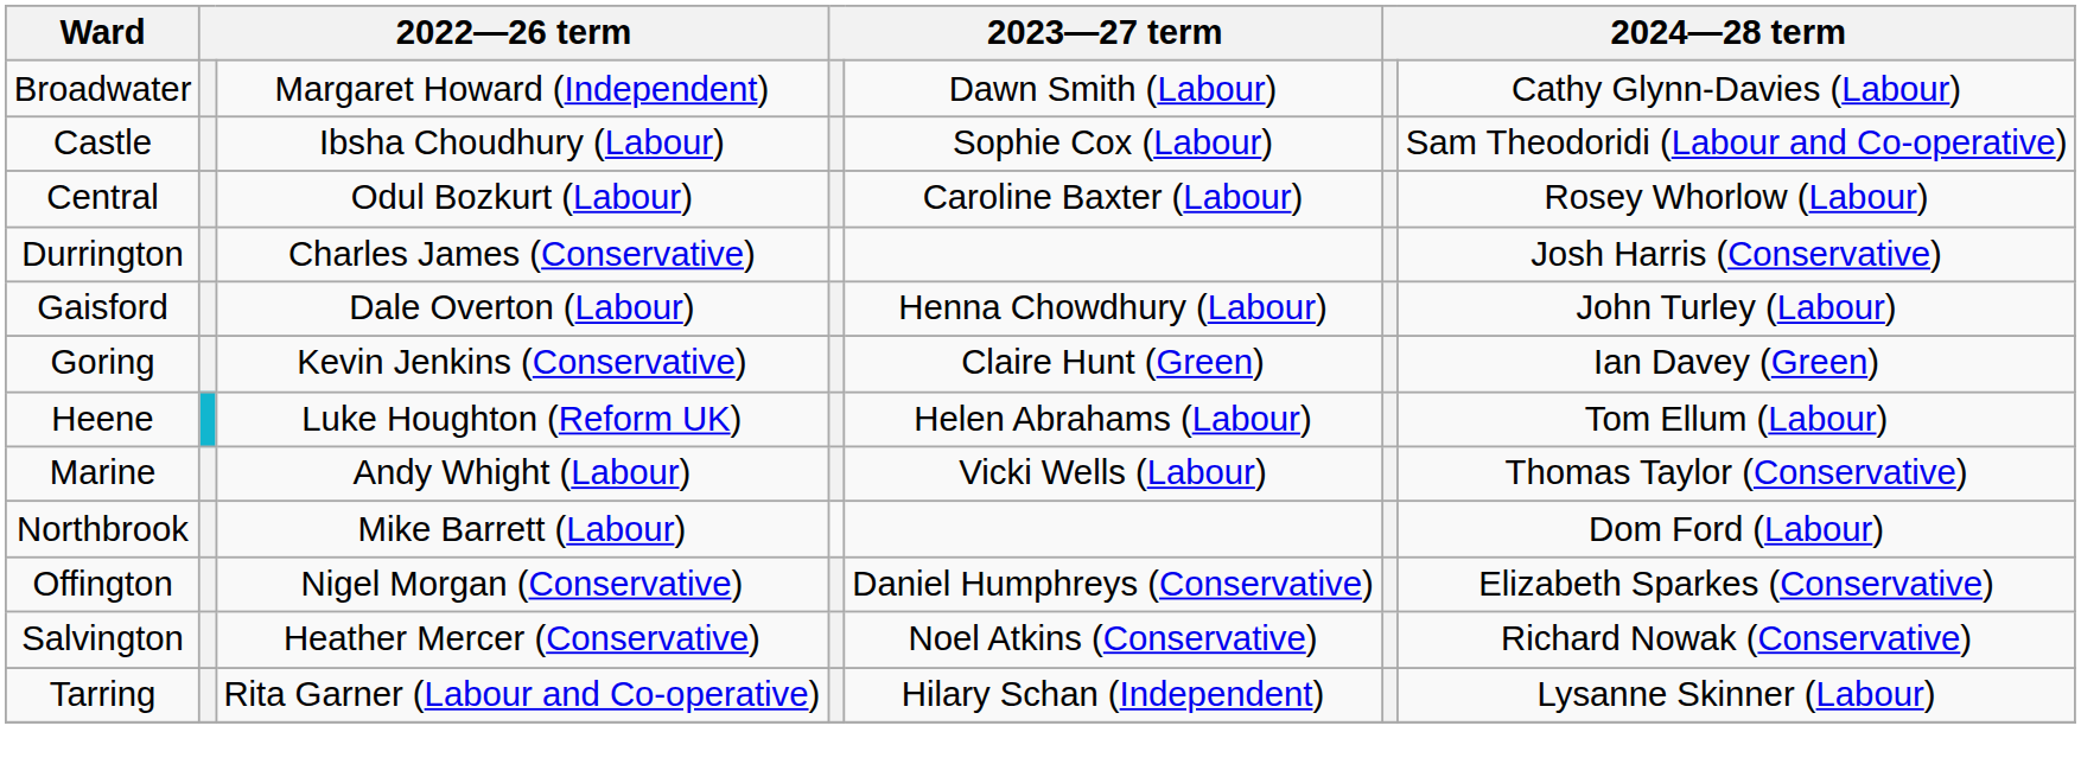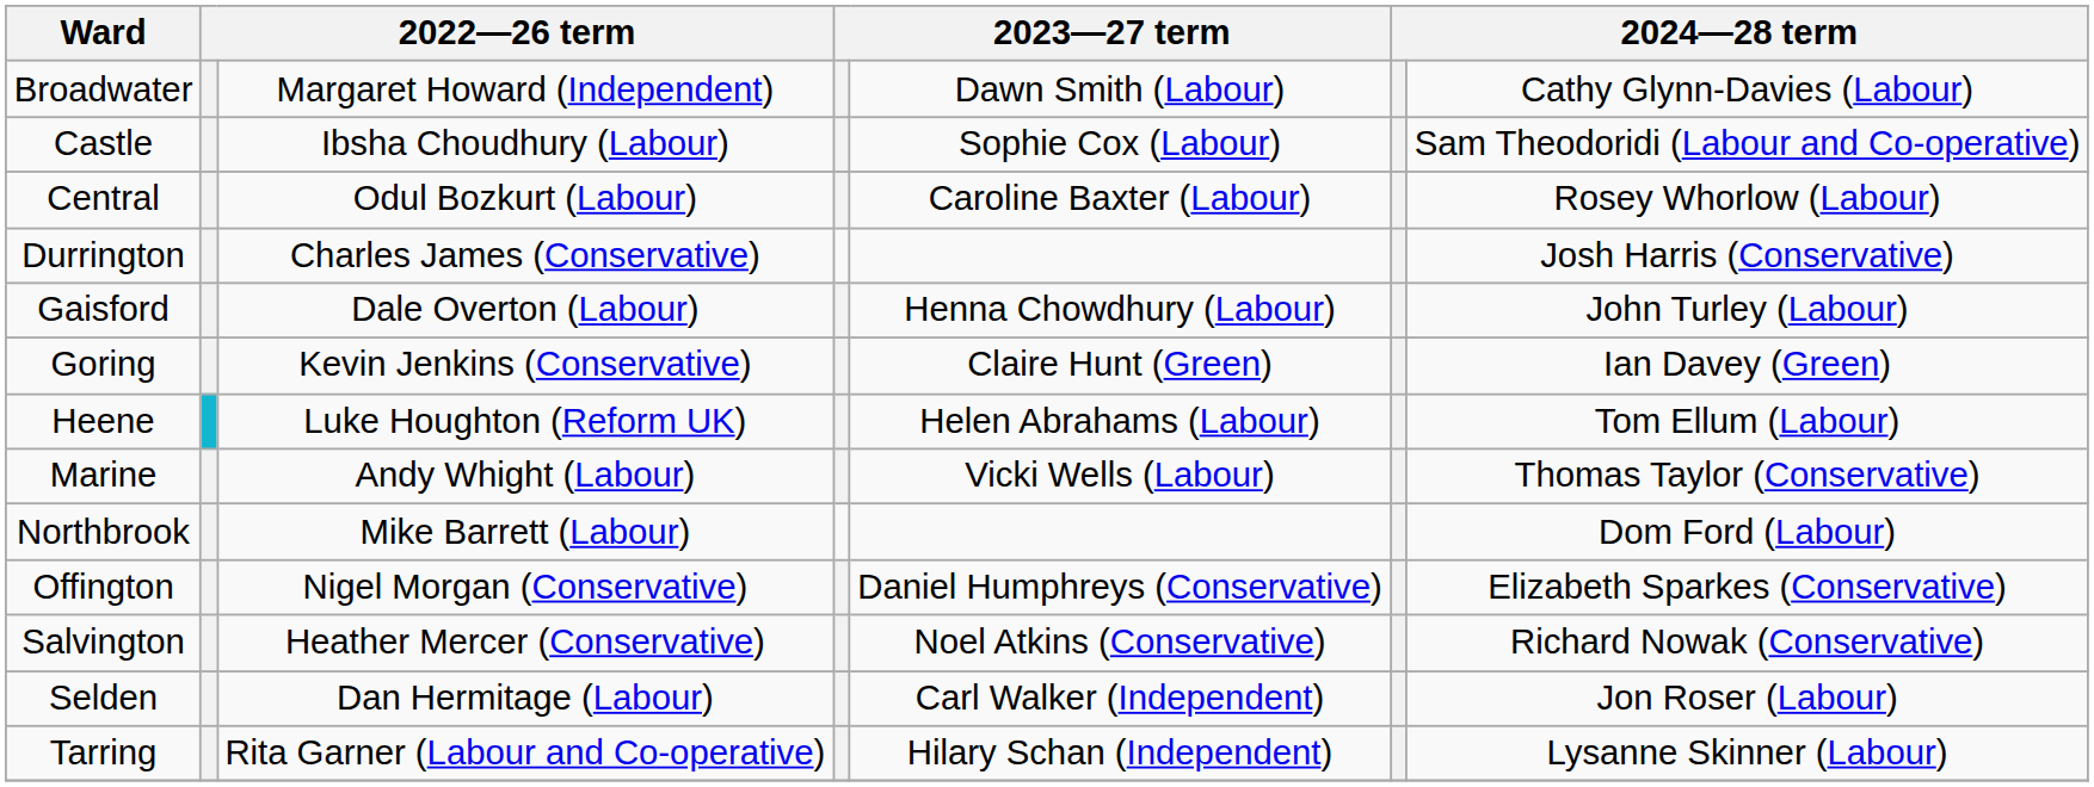 <table class="wikitable" style="text-align:center">
 <tr>
 <th style="width: 20px;">Ward</th>
 <th colspan="2">2022—26 term</th>
 <th colspan="2">2023—27 term</th>
 <th colspan="2">2024—28 term</th>
 </tr>
 <tr>
 <td>Broadwater</td>
 <th style="background-color: "></th>
 <td>Margaret Howard (<a href='#'>Independent</a>)</td>
 <th style="background-color: "></th>
 <td>Dawn Smith (<a href='#'>Labour</a>)</td>
 <th style="background-color: "></th>
 <td>Cathy Glynn-Davies (<a href='#'>Labour</a>)</td>
 </tr>
 <tr>
 <td>Castle</td>
 <th style="background-color: "></th>
 <td>Ibsha Choudhury (<a href='#'>Labour</a>)</td>
 <th style="background-color: "></th>
 <td>Sophie Cox (<a href='#'>Labour</a>)</td>
 <th style="background-color: "></th>
 <td>Sam Theodoridi (<a href='#'>Labour and Co-operative</a>)</td>
 </tr>
 <tr>
 <td>Central</td>
 <th style="background-color: "></th>
 <td>Odul Bozkurt (<a href='#'>Labour</a>)</td>
 <th style="background-color: "></th>
 <td>Caroline Baxter (<a href='#'>Labour</a>)</td>
 <th style="background-color: "></th>
 <td>Rosey Whorlow (<a href='#'>Labour</a>)</td>
 </tr>
 <tr>
 <td>Durrington</td>
 <th style="background-color: "></th>
 <td>Charles James (<a href='#'>Conservative</a>)</td>
 <td></td>
 <td></td>
 <th style="background-color: "></th>
 <td>Josh Harris (<a href='#'>Conservative</a>)</td>
 </tr>
 <tr>
 <td>Gaisford</td>
 <th style="background-color: "></th>
 <td>Dale Overton (<a href='#'>Labour</a>)</td>
 <th style="background-color: "></th>
 <td>Henna Chowdhury (<a href='#'>Labour</a>)</td>
 <th style="background-color: "></th>
 <td>John Turley (<a href='#'>Labour</a>)</td>
 </tr>
 <tr>
 <td>Goring</td>
 <th style="background-color: "></th>
 <td>Kevin Jenkins (<a href='#'>Conservative</a>)</td>
 <th style="background-color: "></th>
 <td>Claire Hunt (<a href='#'>Green</a>)</td>
 <th style="background-color: "></th>
 <td>Ian Davey (<a href='#'>Green</a>)</td>
 </tr>
 <tr>
 <td>Heene</td>
 <th style="background-color: #12b6cf; "></th>
 <td>Luke Houghton (<a href='#'>Reform UK</a>) </td>
 <th style="background-color: "></th>
 <td>Helen Abrahams (<a href='#'>Labour</a>)</td>
 <th style="background-color: "></th>
 <td>Tom Ellum (<a href='#'>Labour</a>)</td>
 </tr>
 <tr>
 <td>Marine</td>
 <th style="background-color: "></th>
 <td>Andy Whight (<a href='#'>Labour</a>)</td>
 <th style="background-color: "></th>
 <td>Vicki Wells  (<a href='#'>Labour</a>)</td>
 <th style="background-color: "></th>
 <td>Thomas Taylor (<a href='#'>Conservative</a>)</td>
 </tr>
 <tr>
 <td>Northbrook</td>
 <th style="background-color: "></th>
 <td>Mike Barrett (<a href='#'>Labour</a>)</td>
 <td></td>
 <td></td>
 <th style="background-color: "></th>
 <td>Dom Ford (<a href='#'>Labour</a>)</td>
 </tr>
 <tr>
 <td>Offington</td>
 <th style="background-color: "></th>
 <td>Nigel Morgan (<a href='#'>Conservative</a>)</td>
 <th style="background-color: "></th>
 <td>Daniel Humphreys (<a href='#'>Conservative</a>)</td>
 <th style="background-color: "></th>
 <td>Elizabeth Sparkes (<a href='#'>Conservative</a>)</td>
 </tr>
 <tr>
 <td>Salvington</td>
 <th style="background-color: "></th>
 <td>Heather Mercer (<a href='#'>Conservative</a>)</td>
 <th style="background-color: "></th>
 <td>Noel Atkins (<a href='#'>Conservative</a>)</td>
 <th style="background-color: "></th>
 <td>Richard Nowak (<a href='#'>Conservative</a>)</td>
 </tr>
 <tr>
+<td>Selden</td>
+<th style="background-color: "></th>
+<td>Dan Hermitage (<a href='#'>Labour</a>)</td>
+<th style="background-color: "></th>
+<td>Carl Walker (<a href='#'>Independent</a>)</td>
+<th style="background-color: "></th>
+<td>Jon Roser (<a href='#'>Labour</a>)</td>
+</tr>
+<tr>
 <td>Tarring</td>
 <th style="background-color: "></th>
 <td>Rita Garner (<a href='#'>Labour and Co-operative</a>)</td>
 <th style="background-color: "></th>
 <td>Hilary Schan (<a href='#'>Independent</a>)</td>
 <th style="background-color: "></th>
 <td>Lysanne Skinner (<a href='#'>Labour</a>)</td>
 </tr>
 <tr>
 </tr>
 </table>
